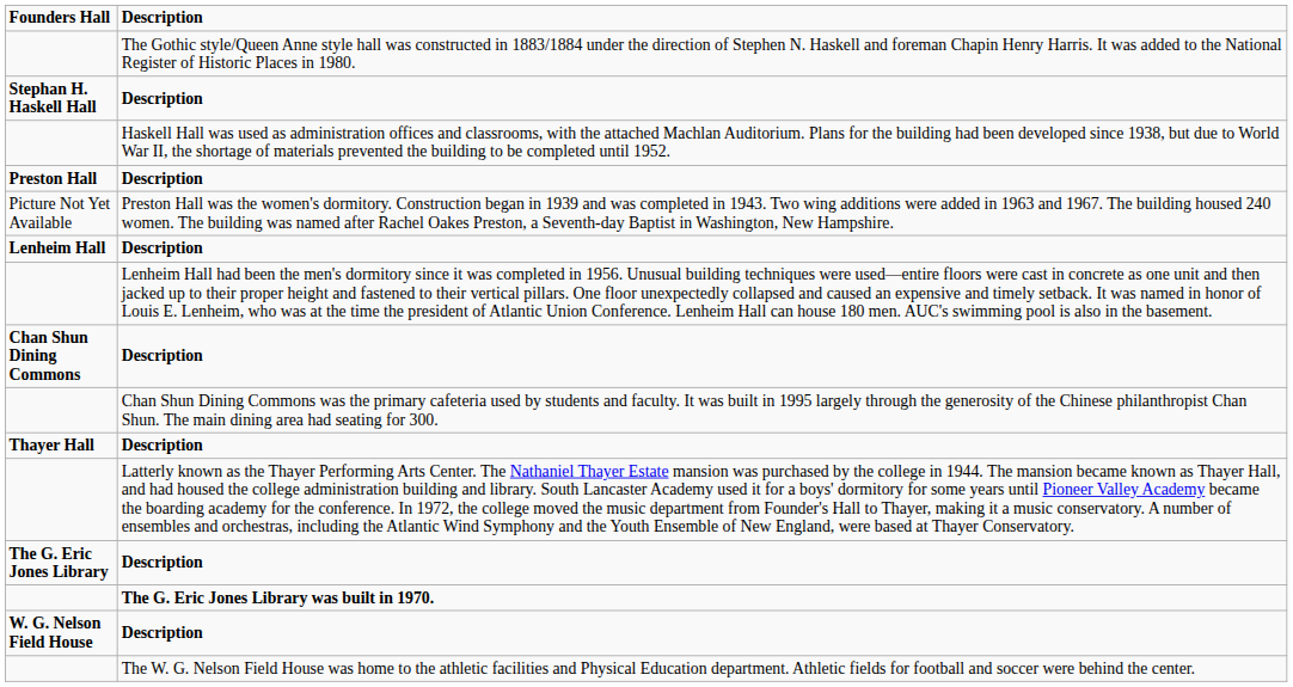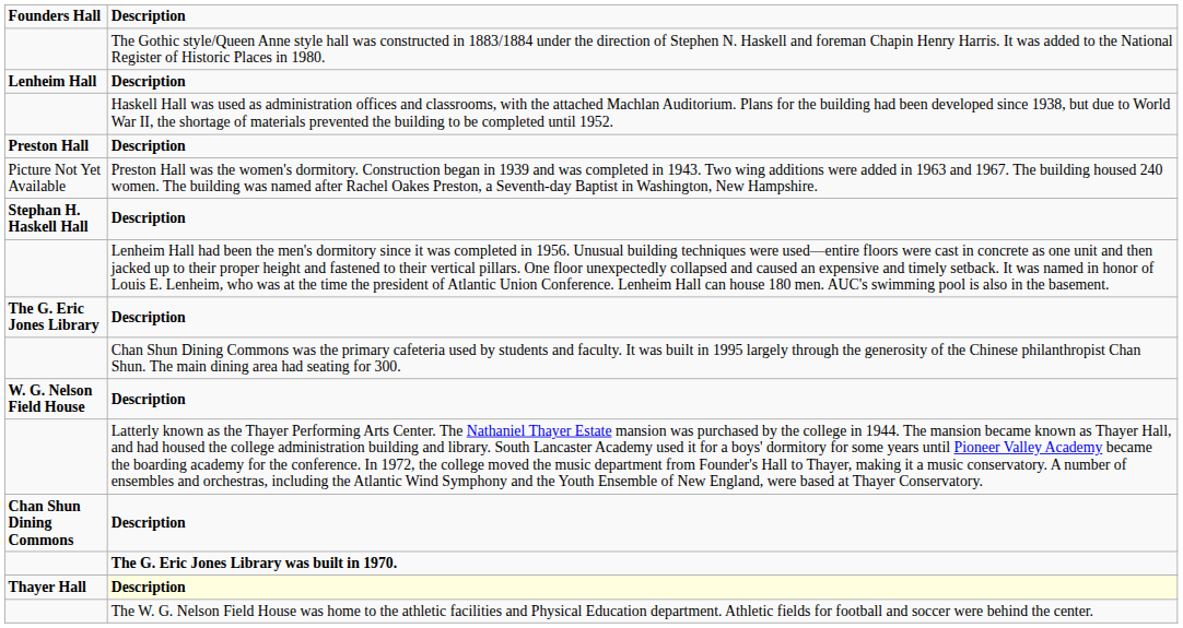 <table class="wikitable">
 <tr>
 <td><strong>Founders Hall</strong></td>
 <td><strong>Description</strong></td>
 </tr>
 <tr>
 <td></td>
 <td>The Gothic style/Queen Anne style hall was constructed in 1883/1884 under the direction of Stephen N. Haskell and foreman Chapin Henry Harris. It was added to the National Register of Historic Places in 1980.</td>
 </tr>
 <tr>
-<td><strong>Stephan H. Haskell Hall</strong></td>
+<td><strong>Lenheim Hall</strong></td>
 <td><strong>Description</strong></td>
 </tr>
 <tr>
 <td></td>
 <td>Haskell Hall was used as administration offices and classrooms, with the attached Machlan Auditorium.   Plans for the building had been developed since 1938, but due to World War II, the shortage of materials prevented the building to be completed until 1952.</td>
 </tr>
 <tr>
 <td><strong>Preston Hall</strong></td>
 <td><strong>Description</strong></td>
 </tr>
 <tr>
 <td>Picture Not Yet Available</td>
 <td>Preston Hall was the women's dormitory.  Construction began in 1939 and was completed in 1943.  Two wing additions were added in 1963 and 1967. The building housed 240 women.  The building was named after Rachel Oakes Preston, a Seventh-day Baptist in Washington, New Hampshire.</td>
 </tr>
 <tr>
-<td><strong>Lenheim Hall</strong></td>
+<td><strong>Stephan H. Haskell Hall</strong></td>
 <td><strong>Description</strong></td>
 </tr>
 <tr>
 <td></td>
 <td>Lenheim Hall had been the men's dormitory since it was completed in 1956. Unusual building techniques were used—entire floors were cast in concrete as one unit and then jacked up to their proper height and fastened to their vertical pillars.  One floor unexpectedly collapsed and caused an expensive and timely setback.  It was named in honor of Louis E. Lenheim, who was at the time the president of Atlantic Union Conference.  Lenheim Hall can house 180 men.  AUC's swimming pool is also in the basement.</td>
 </tr>
 <tr>
-<td><strong>Chan Shun Dining Commons</strong></td>
+<td><strong>The G. Eric Jones Library</strong></td>
 <td><strong>Description</strong></td>
 </tr>
 <tr>
 <td></td>
 <td>Chan Shun Dining Commons was the primary cafeteria used by students and faculty.  It was built in 1995 largely through the generosity of the Chinese philanthropist Chan Shun.  The main dining area had seating for 300.</td>
 </tr>
 <tr>
-<td><strong>Thayer Hall</strong></td>
+<td><strong>W. G. Nelson Field House</strong></td>
 <td><strong>Description</strong></td>
 </tr>
 <tr>
 <td></td>
 <td>Latterly known as the Thayer Performing Arts Center. The <a href='#'>Nathaniel Thayer Estate</a> mansion was purchased by the college in 1944. The mansion became known as Thayer Hall, and had housed the college administration building and library. South Lancaster Academy used it for a boys' dormitory for some years until <a href='#'>Pioneer Valley Academy</a> became the boarding academy for the conference.   In 1972, the college moved the music department from Founder's Hall to Thayer, making it a music conservatory.  A number of ensembles and orchestras, including the Atlantic Wind Symphony and the Youth Ensemble of New England, were based at Thayer Conservatory.</td>
 </tr>
 <tr>
-<td><strong>The G. Eric Jones Library</strong></td>
+<td><strong>Chan Shun Dining Commons</strong></td>
 <td><strong>Description</strong></td>
 </tr>
 <tr>
 <td></td>
 <td><strong>The G. Eric Jones Library was built in 1970.</strong></td>
 </tr>
 <tr>
-<td><strong>W. G. Nelson Field House</strong></td>
-<td><strong>Description</strong></td>
+<td><strong>Thayer Hall</strong></td>
+<td style="background: lightyellow;"><strong>Description</strong></td>
 </tr>
 <tr>
 <td></td>
 <td>The W. G. Nelson Field House was home to the athletic facilities and Physical Education department.  Athletic fields for football and soccer were behind the center.</td>
 </tr>
 </table>
